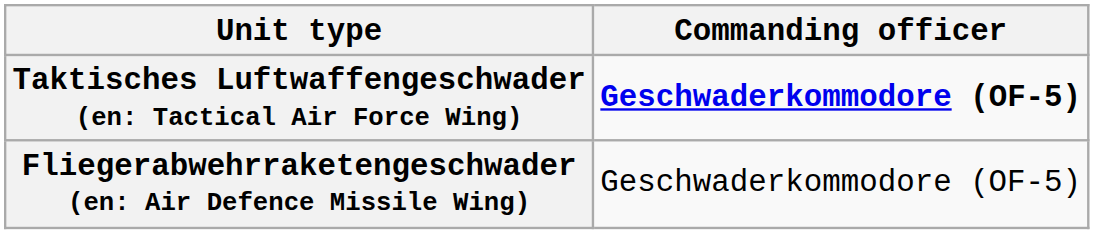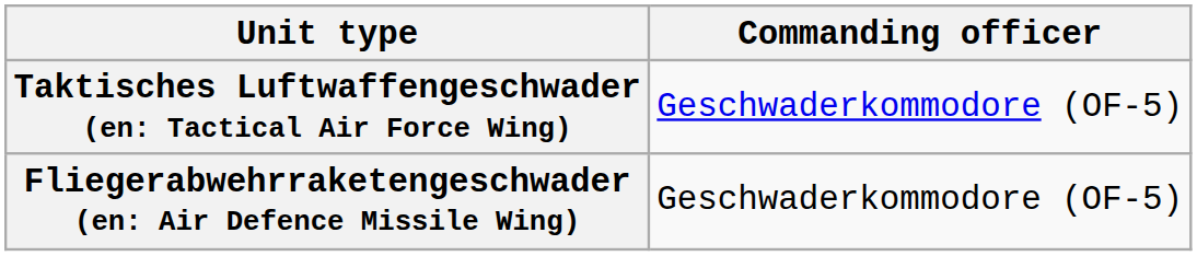 <table class="wikitable floatright">
 <tr>
 <th scope="col">Unit type</th>
 <th scope="col">Commanding officer</th>
 </tr>
 <tr>
 <th scope="row">Taktisches Luftwaffengeschwader<br><small>(en: Tactical Air Force Wing)</small></th>
-<td><strong><a href='#'>Geschwaderkommodore</a> (OF-5)</strong></td>
+<td><a href='#'>Geschwaderkommodore</a> (OF-5)</td>
 </tr>
 <tr>
 <th scope="row">Fliegerabwehrraketengeschwader<br><small>(en: Air Defence Missile Wing)</small></th>
 <td>Geschwaderkommodore (OF-5)</td>
 </tr>
 </table>
